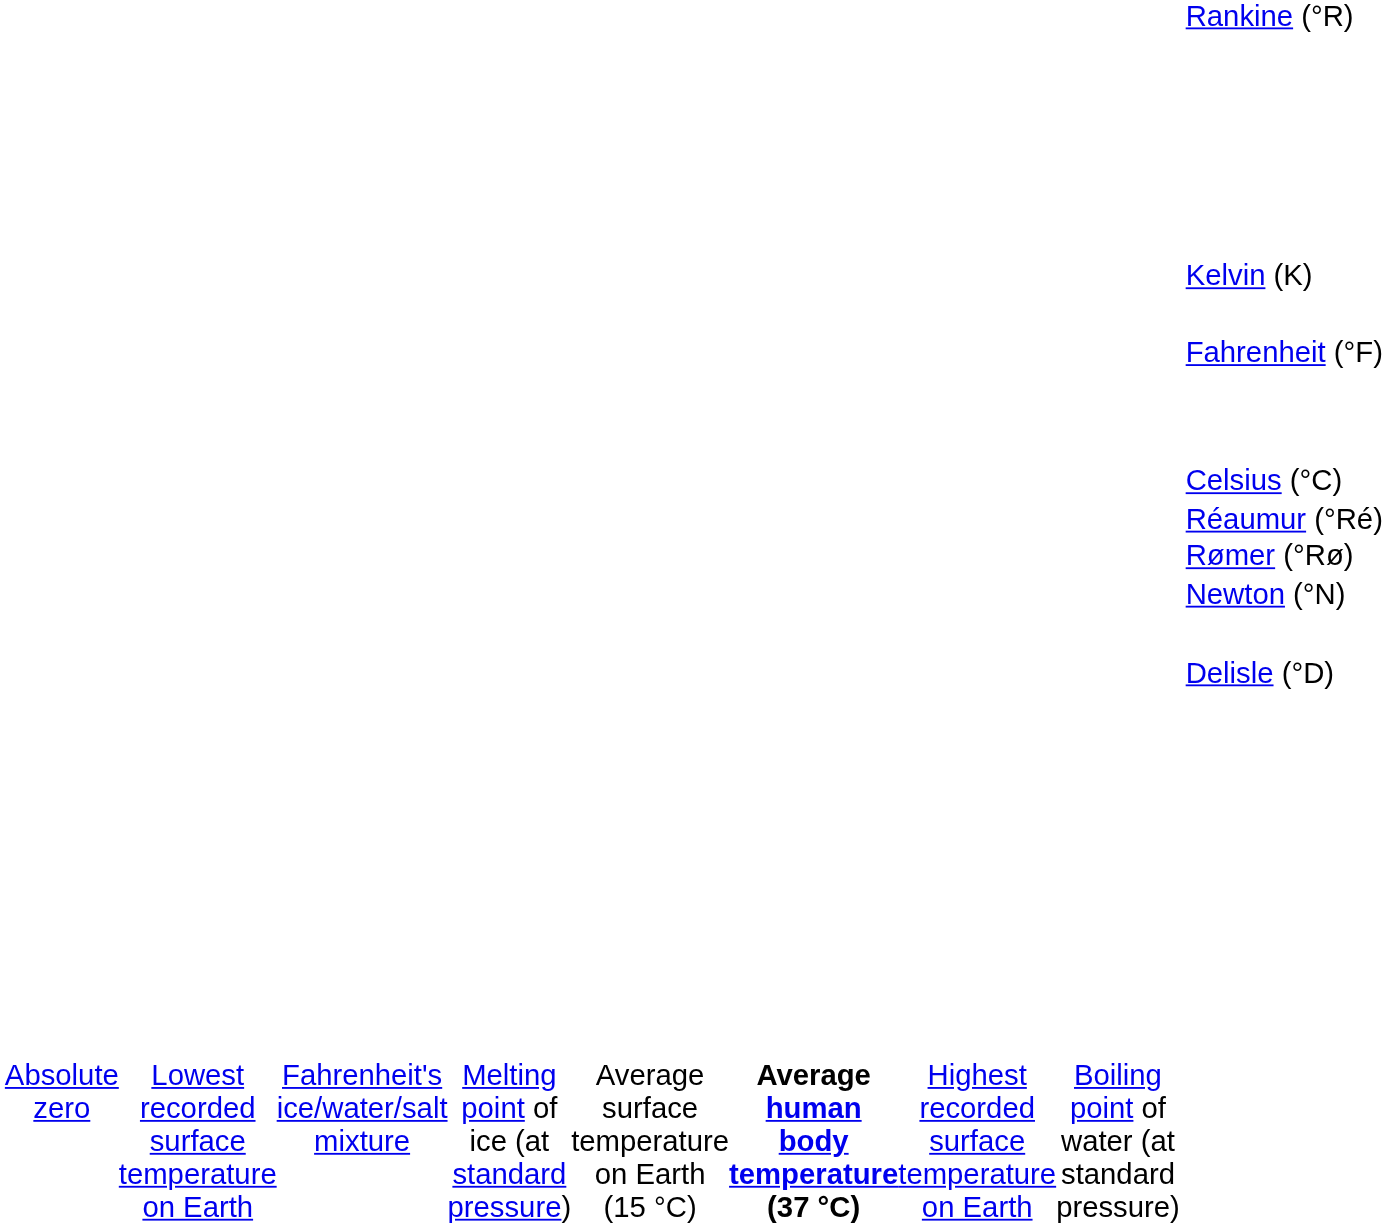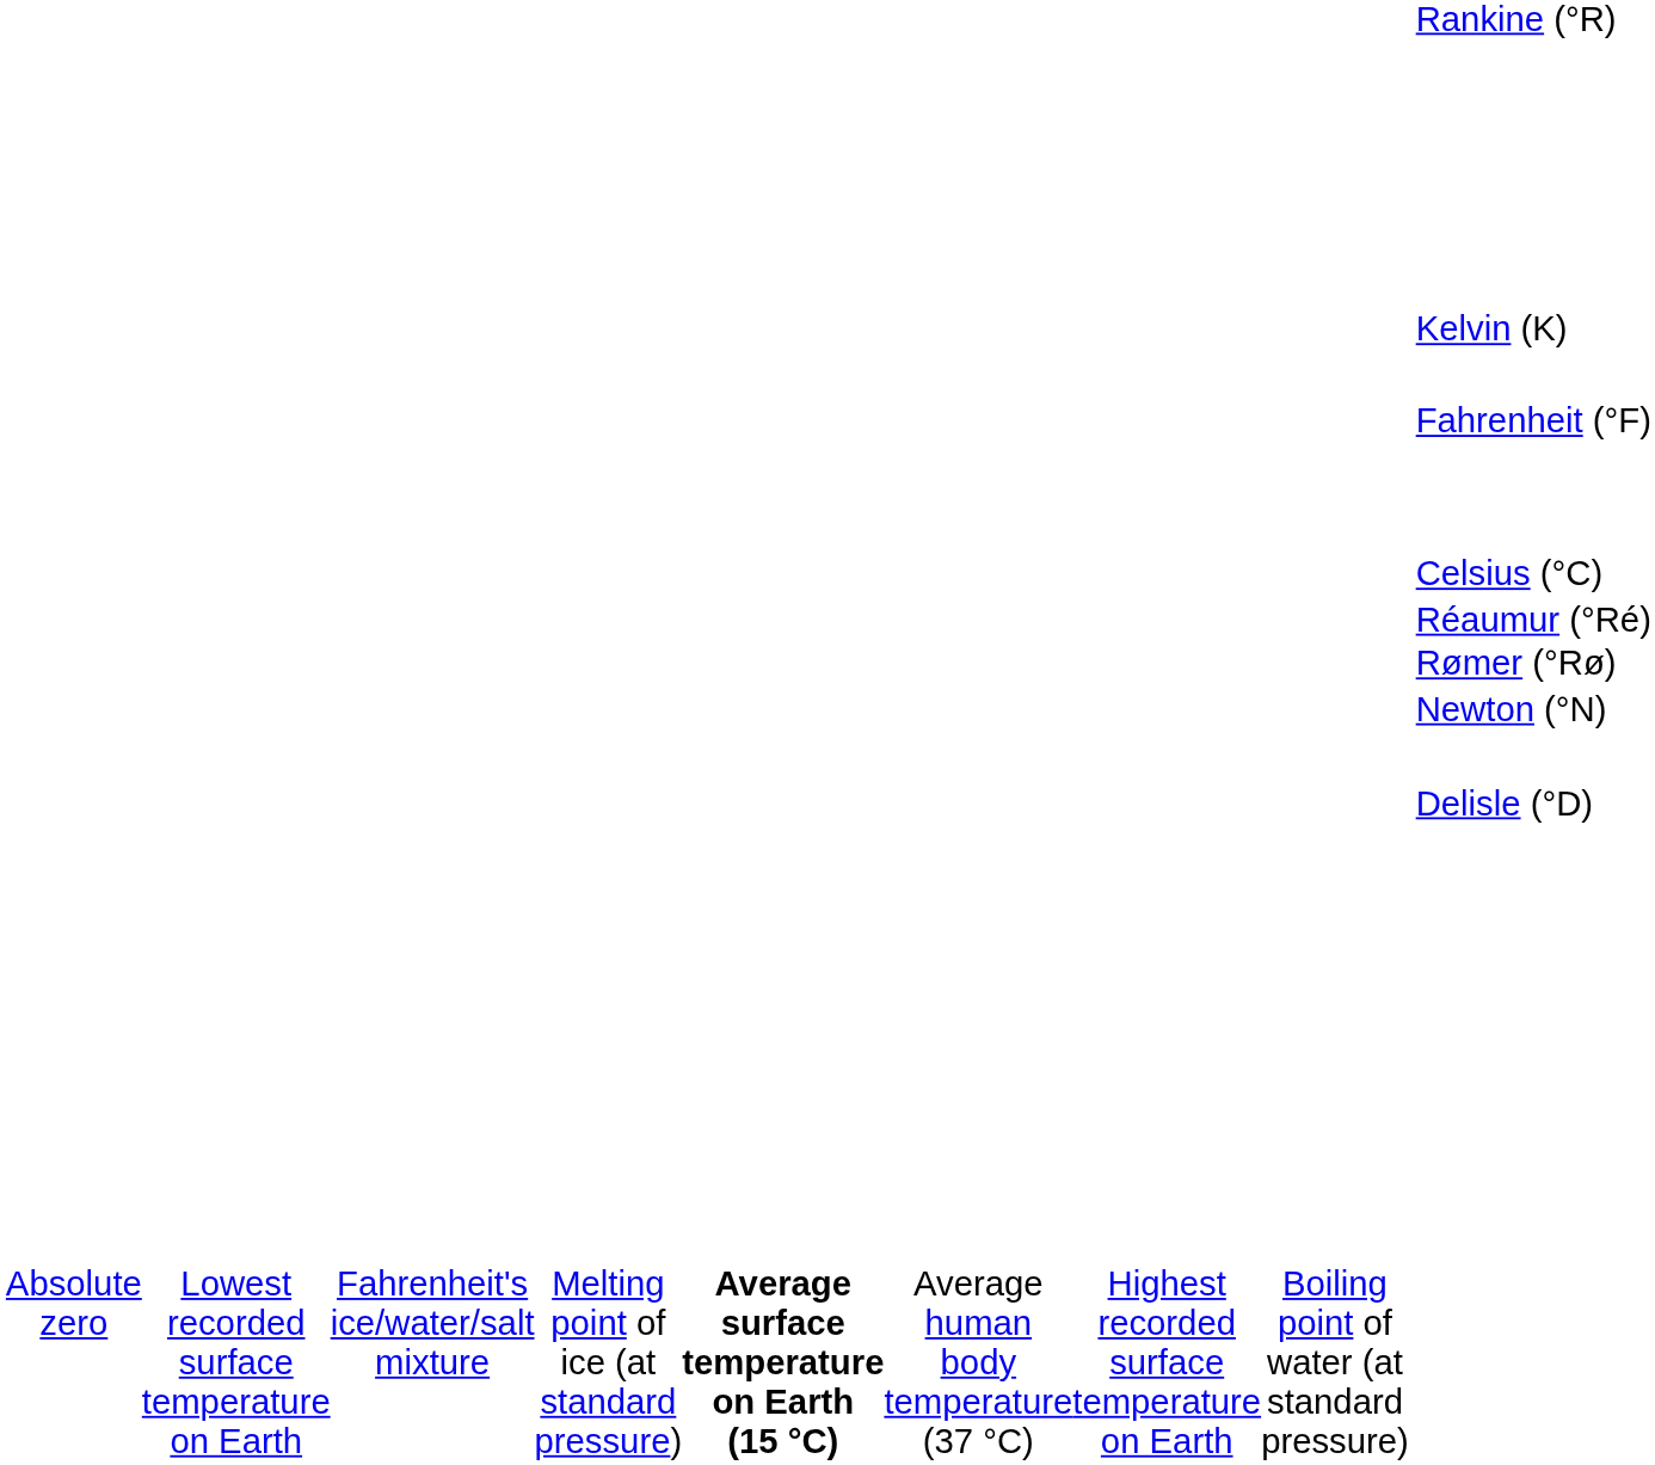 <table width="10px" cellpadding="0" cellspacing="0">
 <tr>
 <td colspan="10" rowspan="5" style="vertical-align: top;"><br></td>
 <td style="vertical-align: top; height: 142px;"><a href='#'>Rankine</a> (°R)</td>
 </tr>
 <tr>
 <td style="vertical-align: top; height: 42px;"><a href='#'>Kelvin</a> (K)</td>
 </tr>
 <tr>
 <td style="vertical-align: top; height: 69px; white-space: nowrap;"><a href='#'>Fahrenheit</a> (°F)</td>
 </tr>
 <tr>
 <td style="vertical-align: top; height: 106px; line-height: 20.5px; white-space: nowrap;"><a href='#'>Celsius</a> (°C)<br><a href='#'>Réaumur</a> (°Ré)<br><a href='#'>Rømer</a> (°Rø)<br><a href='#'>Newton</a> (°N)</td>
 </tr>
 <tr>
 <td style="vertical-align: top; height: 220px;"><a href='#'>Delisle</a> (°D)</td>
 </tr>
 <tr style="vertical-align: top;">
 <td style="width: 10px;"> </td>
 <td style="width: 60px;  text-align: center;"><a href='#'>Absolute zero</a></td>
 <td style="width: 110px; text-align: center;"><a href='#'>Lowest recorded surface temperature on Earth</a></td>
 <td style="width: 110px; text-align: center;"><a href='#'>Fahrenheit's ice/water/salt mixture</a></td>
 <td style="width: 110px; text-align: center;"><a href='#'>Melting point</a> of ice (at <a href='#'>standard pressure</a>)</td>
-<td style="width: 110px; text-align: center;">Average surface temperature on Earth (15 °C)</td>
-<td style="width: 110px; text-align: center;"><strong>Average <a href='#'>human body temperature</a> (37 °C)</strong></td>
+<td style="width: 110px; text-align: center;"><strong>Average surface temperature on Earth (15 °C)</strong></td>
+<td style="width: 110px; text-align: center;">Average <a href='#'>human body temperature</a> (37 °C)</td>
 <td style="width: 110px; text-align: center;"><a href='#'>Highest recorded surface temperature on Earth</a></td>
 <td style="width: 110px; text-align: center;"><a href='#'>Boiling point</a> of water (at standard pressure)</td>
 <td style="width: 5px;"> </td>
 <td> </td>
 </tr>
 </table>
